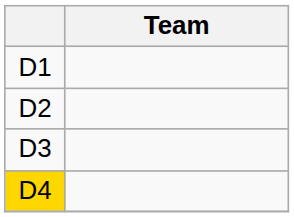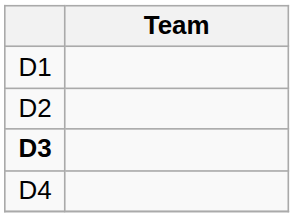 <table class="wikitable" style="display:inline-table;">
 <tr>
 <th width=30></th>
 <th width=130>Team</th>
 </tr>
 <tr>
 <td align=center>D1</td>
 <td></td>
 </tr>
 <tr>
 <td align=center>D2</td>
 <td></td>
 </tr>
 <tr>
-<td align=center>D3</td>
+<td align=center><strong>D3</strong></td>
 <td></td>
 </tr>
 <tr>
-<td align=center style="background: gold;">D4</td>
+<td align=center>D4</td>
 <td></td>
 </tr>
 <tr>
 </tr>
 </table>
